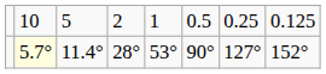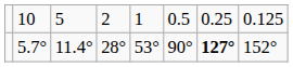 <table class="wikitable">
 <tr>
 <td></td>
 <td>10</td>
 <td>5</td>
 <td>2</td>
 <td>1</td>
 <td>0.5</td>
 <td>0.25</td>
 <td>0.125</td>
 </tr>
 <tr>
 <td></td>
-<td style="background: lightyellow;">5.7°</td>
+<td>5.7°</td>
 <td>11.4°</td>
 <td>28°</td>
 <td>53°</td>
 <td>90°</td>
-<td>127°</td>
+<td><strong>127°</strong></td>
 <td>152°</td>
 </tr>
 </table>
